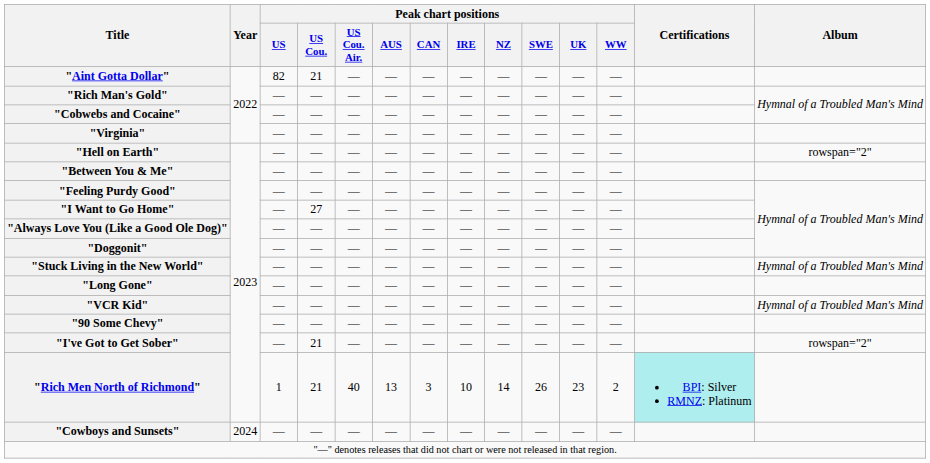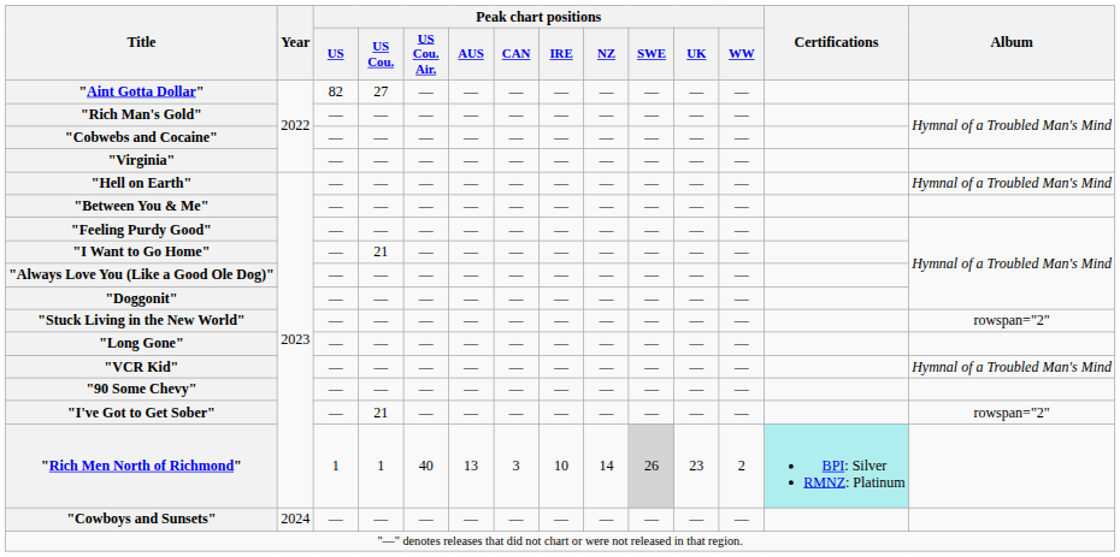 <table class="wikitable plainrowheaders" style="text-align:center">
 <tr>
 <th scope="col" rowspan="2">Title</th>
 <th scope="col" rowspan="2">Year<br></th>
 <th scope="col" colspan="10">Peak chart positions</th>
 <th rowspan="2">Certifications</th>
 <th rowspan="2" scope="col">Album</th>
 </tr>
 <tr>
 <th scope="col" style="width:3em;font-size:90%"><a href='#'>US</a><br></th>
 <th scope="col" style="width:3em;font-size:90%"><a href='#'>US<br>Cou.</a><br></th>
 <th scope="col" style="width:3em;font-size:90%"><a href='#'>US<br>Cou.<br>Air.</a><br></th>
 <th scope="col" style="width:3em;font-size:90%"><a href='#'>AUS</a><br></th>
 <th scope="col" style="width:3em;font-size:90%"><a href='#'>CAN</a><br></th>
 <th scope="col" style="width:3em;font-size:90%"><a href='#'>IRE</a><br></th>
 <th scope="col" style="width:3em;font-size:90%"><a href='#'>NZ</a><br></th>
 <th scope="col" style="width:3em;font-size:90%"><a href='#'>SWE</a><br></th>
 <th scope="col" style="width:3em;font-size:90%"><a href='#'>UK</a><br></th>
 <th scope="col" style="width:3em;font-size:90%"><a href='#'>WW</a><br></th>
 </tr>
 <tr>
 <th scope="row">"<a href='#'>Aint Gotta Dollar</a>"</th>
 <td rowspan="4">2022</td>
 <td>82</td>
-<td>21</td>
+<td>27</td>
 <td>—</td>
 <td>—</td>
 <td>—</td>
 <td>—</td>
 <td>—</td>
 <td>—</td>
 <td>—</td>
 <td>—</td>
 <td></td>
 <td></td>
 </tr>
 <tr>
 <th scope="row">"Rich Man's Gold"</th>
 <td>—</td>
 <td>—</td>
 <td>—</td>
 <td>—</td>
 <td>—</td>
 <td>—</td>
 <td>—</td>
 <td>—</td>
 <td>—</td>
 <td>—</td>
 <td></td>
 <td rowspan="2"><em>Hymnal of a Troubled Man's Mind</em></td>
 </tr>
 <tr>
 <th scope="row">"Cobwebs and Cocaine"</th>
 <td>—</td>
 <td>—</td>
 <td>—</td>
 <td>—</td>
 <td>—</td>
 <td>—</td>
 <td>—</td>
 <td>—</td>
 <td>—</td>
 <td>—</td>
 <td></td>
 </tr>
 <tr>
 <th scope="row">"Virginia"</th>
 <td>—</td>
 <td>—</td>
 <td>—</td>
 <td>—</td>
 <td>—</td>
 <td>—</td>
 <td>—</td>
 <td>—</td>
 <td>—</td>
 <td>—</td>
 <td></td>
 <td></td>
 </tr>
 <tr>
 <th scope="row">"Hell on Earth"</th>
 <td rowspan="12">2023</td>
 <td>—</td>
 <td>—</td>
 <td>—</td>
 <td>—</td>
 <td>—</td>
 <td>—</td>
 <td>—</td>
 <td>—</td>
 <td>—</td>
 <td>—</td>
 <td></td>
-<td>rowspan="2" </td>
+<td><em>Hymnal of a Troubled Man's Mind</em></td>
 </tr>
 <tr>
 <th scope="row">"Between You & Me"</th>
 <td>—</td>
 <td>—</td>
 <td>—</td>
 <td>—</td>
 <td>—</td>
 <td>—</td>
 <td>—</td>
 <td>—</td>
 <td>—</td>
 <td>—</td>
 <td></td>
 <td></td>
 </tr>
 <tr>
 <th scope="row">"Feeling Purdy Good"</th>
 <td>—</td>
 <td>—</td>
 <td>—</td>
 <td>—</td>
 <td>—</td>
 <td>—</td>
 <td>—</td>
 <td>—</td>
 <td>—</td>
 <td>—</td>
 <td></td>
 <td rowspan="4"><em>Hymnal of a Troubled Man's Mind</em></td>
 </tr>
 <tr>
 <th scope="row">"I Want to Go Home"</th>
 <td>—</td>
-<td>27</td>
+<td>21</td>
 <td>—</td>
 <td>—</td>
 <td>—</td>
 <td>—</td>
 <td>—</td>
 <td>—</td>
 <td>—</td>
 <td>—</td>
 <td></td>
 </tr>
 <tr>
 <th scope="row">"Always Love You (Like a Good Ole Dog)"</th>
 <td>—</td>
 <td>—</td>
 <td>—</td>
 <td>—</td>
 <td>—</td>
 <td>—</td>
 <td>—</td>
 <td>—</td>
 <td>—</td>
 <td>—</td>
 <td></td>
 </tr>
 <tr>
 <th scope="row">"Doggonit"</th>
 <td>—</td>
 <td>—</td>
 <td>—</td>
 <td>—</td>
 <td>—</td>
 <td>—</td>
 <td>—</td>
 <td>—</td>
 <td>—</td>
 <td>—</td>
 <td></td>
 </tr>
 <tr>
 <th scope="row">"Stuck Living in the New World"</th>
 <td>—</td>
 <td>—</td>
 <td>—</td>
 <td>—</td>
 <td>—</td>
 <td>—</td>
 <td>—</td>
 <td>—</td>
 <td>—</td>
 <td>—</td>
 <td></td>
-<td><em>Hymnal of a Troubled Man's Mind</em></td>
+<td>rowspan="2" </td>
 </tr>
 <tr>
 <th scope="row">"Long Gone"</th>
 <td>—</td>
 <td>—</td>
 <td>—</td>
 <td>—</td>
 <td>—</td>
 <td>—</td>
 <td>—</td>
 <td>—</td>
 <td>—</td>
 <td>—</td>
 <td></td>
 </tr>
 <tr>
 <th scope="row">"VCR Kid"</th>
 <td>—</td>
 <td>—</td>
 <td>—</td>
 <td>—</td>
 <td>—</td>
 <td>—</td>
 <td>—</td>
 <td>—</td>
 <td>—</td>
 <td>—</td>
 <td></td>
 <td><em>Hymnal of a Troubled Man's Mind</em></td>
 </tr>
 <tr>
 <th scope="row">"90 Some Chevy"</th>
 <td>—</td>
 <td>—</td>
 <td>—</td>
 <td>—</td>
 <td>—</td>
 <td>—</td>
 <td>—</td>
 <td>—</td>
 <td>—</td>
 <td>—</td>
 <td></td>
 <td></td>
 </tr>
 <tr>
 <th scope="row">"I've Got to Get Sober"</th>
 <td>—</td>
 <td>21</td>
 <td>—</td>
 <td>—</td>
 <td>—</td>
 <td>—</td>
 <td>—</td>
 <td>—</td>
 <td>—</td>
 <td>—</td>
 <td></td>
 <td>rowspan="2" </td>
 </tr>
 <tr>
 <th scope="row">"<a href='#'>Rich Men North of Richmond</a>"</th>
 <td>1</td>
-<td>21</td>
+<td>1</td>
 <td>40</td>
 <td>13</td>
 <td>3</td>
 <td>10</td>
 <td>14</td>
-<td>26</td>
+<td style="background: lightgrey;">26</td>
 <td>23</td>
 <td>2</td>
 <td style="background: paleturquoise;"><br><ul><li><a href='#'>BPI</a>: Silver</li><li><a href='#'>RMNZ</a>: Platinum</li></ul></td>
 <td></td>
 </tr>
 <tr>
 <th scope="row">"Cowboys and Sunsets"</th>
 <td>2024</td>
 <td>—</td>
 <td>—</td>
 <td>—</td>
 <td>—</td>
 <td>—</td>
 <td>—</td>
 <td>—</td>
 <td>—</td>
 <td>—</td>
 <td>—</td>
 <td></td>
 <td></td>
 </tr>
 <tr>
 <td colspan="14" style="font-size:85%">"—" denotes releases that did not chart or were not released in that region.</td>
 </tr>
 </table>
